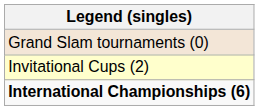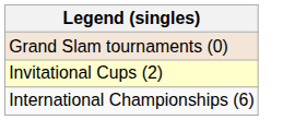 <table class="wikitable">
 <tr>
 <th>Legend (singles)</th>
 </tr>
 <tr style="background:#f3e6d7;">
 <td>Grand Slam tournaments (0)</td>
 </tr>
 <tr bgcolor="ffffcc">
 <td>Invitational Cups (2)</td>
 </tr>
 <tr bgcolor=>
-<td><strong>International Championships (6)</strong></td>
+<td>International Championships (6)</td>
 </tr>
 </table>
